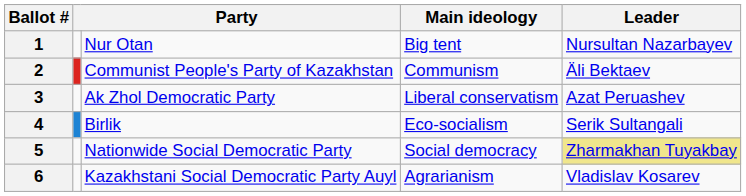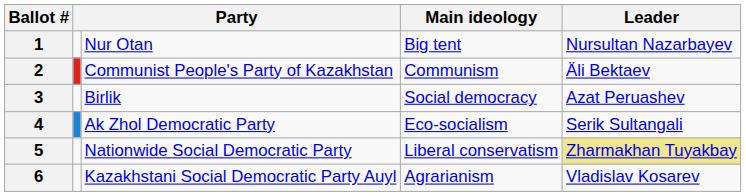 <table class="wikitable" style="text-align:left">
 <tr>
 <th>Ballot #</th>
 <th colspan=2>Party</th>
 <th>Main ideology</th>
 <th>Leader</th>
 </tr>
 <tr>
 <th><strong>1</strong></th>
 <td></td>
 <td><a href='#'>Nur Otan</a></td>
 <td><a href='#'>Big tent</a></td>
 <td><a href='#'>Nursultan Nazarbayev</a></td>
 </tr>
 <tr>
 <th><strong>2</strong></th>
 <td bgcolor="#DC241F"></td>
 <td><a href='#'>Communist People's Party of Kazakhstan</a></td>
 <td><a href='#'>Communism</a></td>
 <td><a href='#'>Äli Bektaev</a></td>
 </tr>
 <tr>
 <th>3</th>
 <td></td>
-<td><a href='#'>Ak Zhol Democratic Party</a></td>
-<td><a href='#'>Liberal conservatism</a></td>
+<td><a href='#'>Birlik</a></td>
+<td><a href='#'>Social democracy</a></td>
 <td><a href='#'>Azat Peruashev</a></td>
 </tr>
 <tr>
 <th>4</th>
 <td bgcolor="#1d83d4"></td>
-<td><a href='#'>Birlik</a></td>
+<td><a href='#'>Ak Zhol Democratic Party</a></td>
 <td><a href='#'>Eco-socialism</a></td>
 <td><a href='#'>Serik Sultangali</a></td>
 </tr>
 <tr>
 <th>5</th>
 <td></td>
 <td><a href='#'>Nationwide Social Democratic Party</a></td>
-<td><a href='#'>Social democracy</a></td>
+<td><a href='#'>Liberal conservatism</a></td>
 <td style="background: khaki;"><a href='#'>Zharmakhan Tuyakbay</a></td>
 </tr>
 <tr>
 <th>6</th>
 <td></td>
 <td><a href='#'>Kazakhstani Social Democratic Party Auyl</a></td>
 <td><a href='#'>Agrarianism</a></td>
 <td><a href='#'>Vladislav Kosarev</a></td>
 </tr>
 </table>
